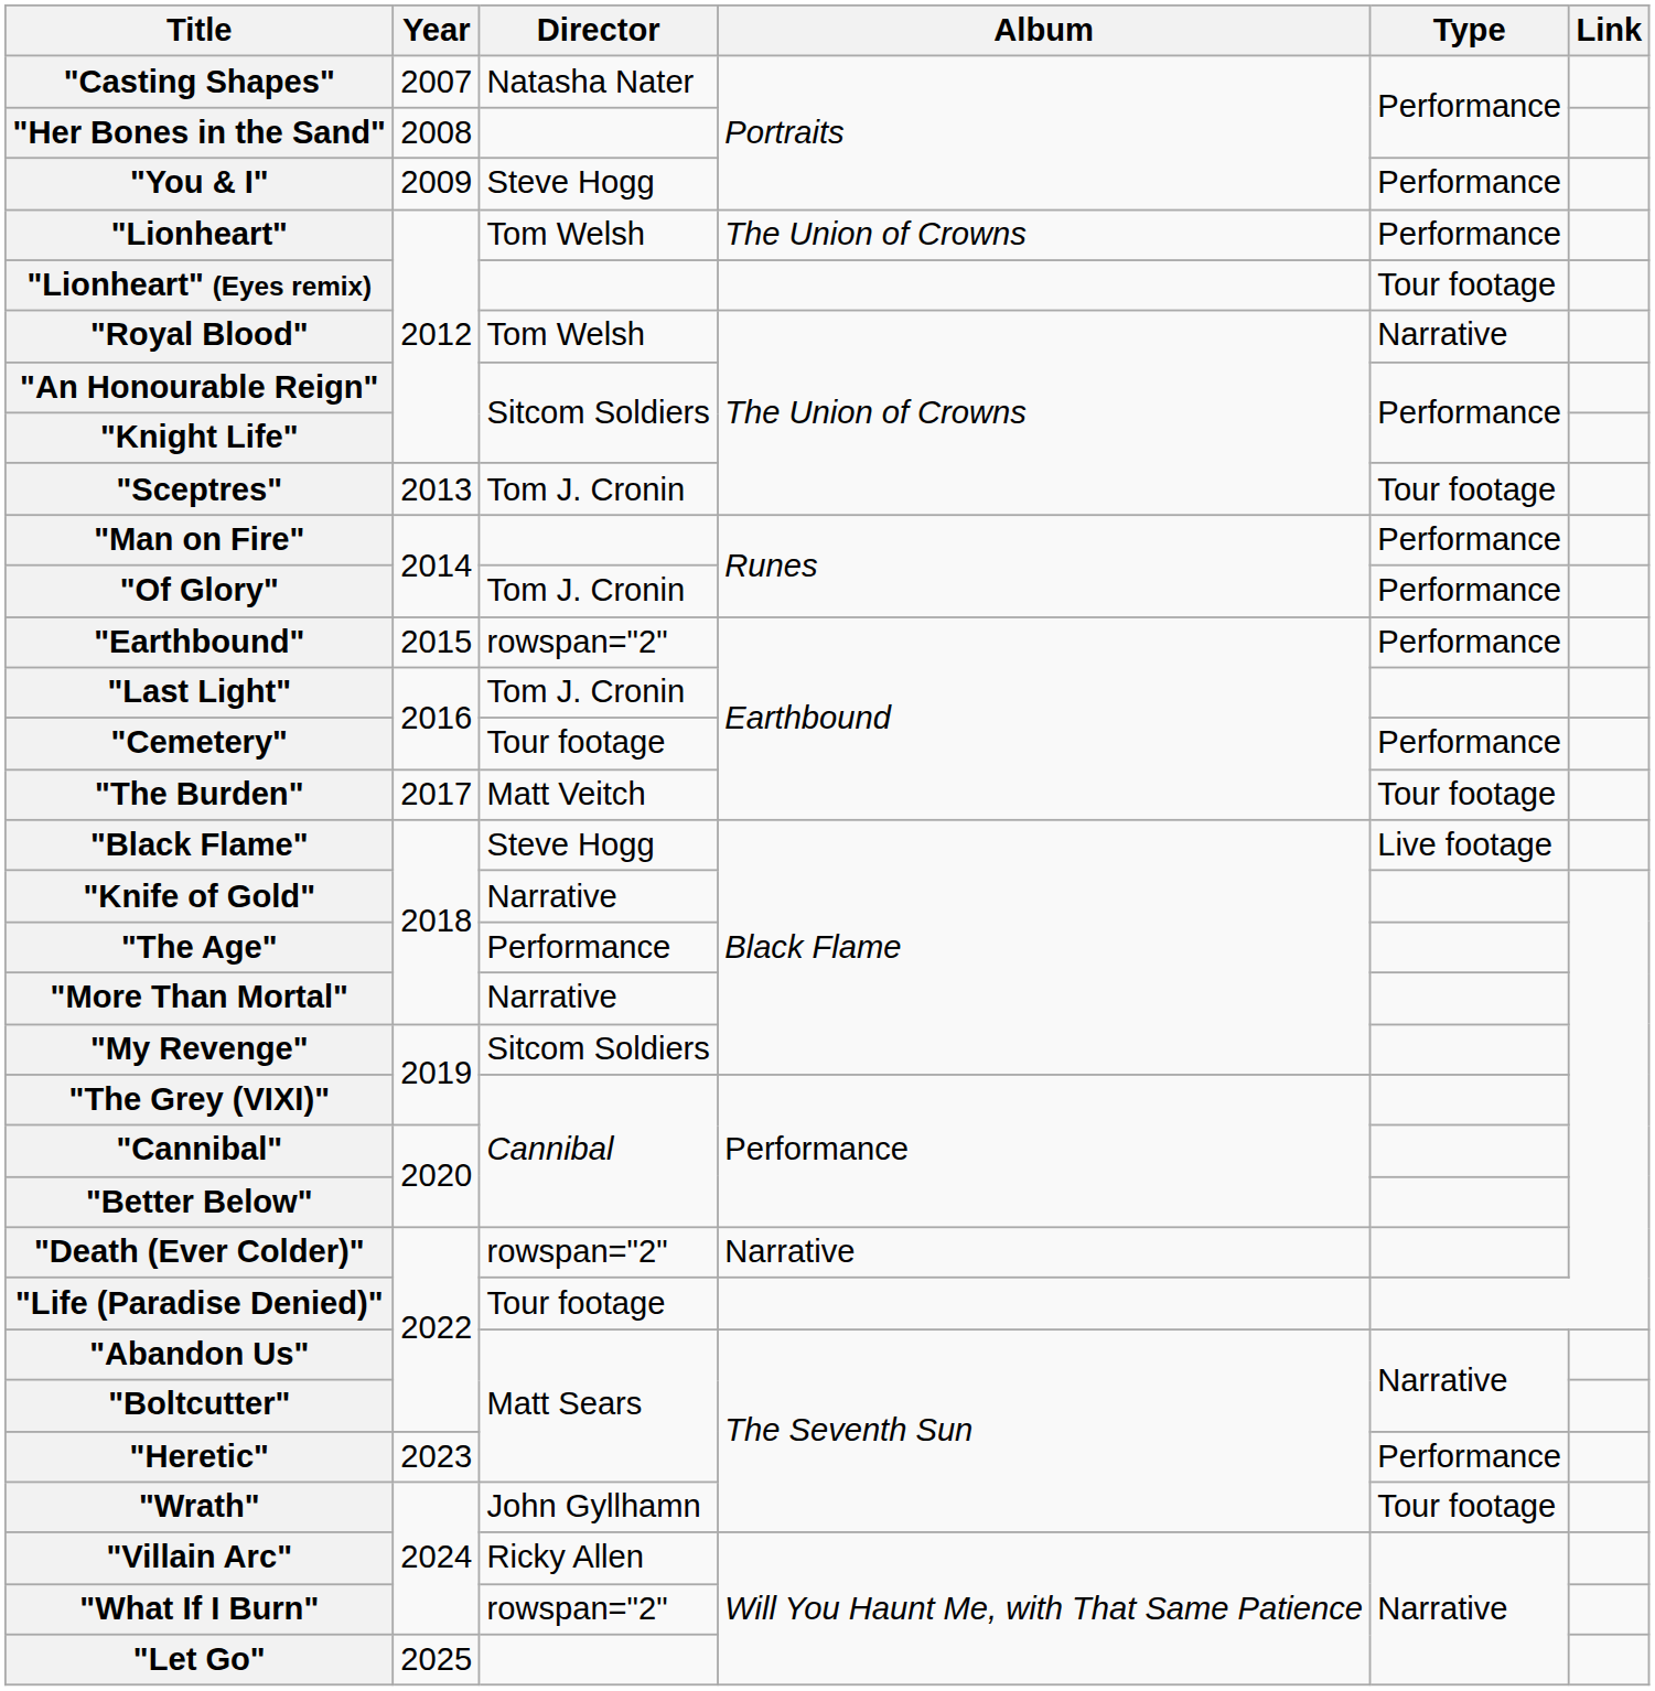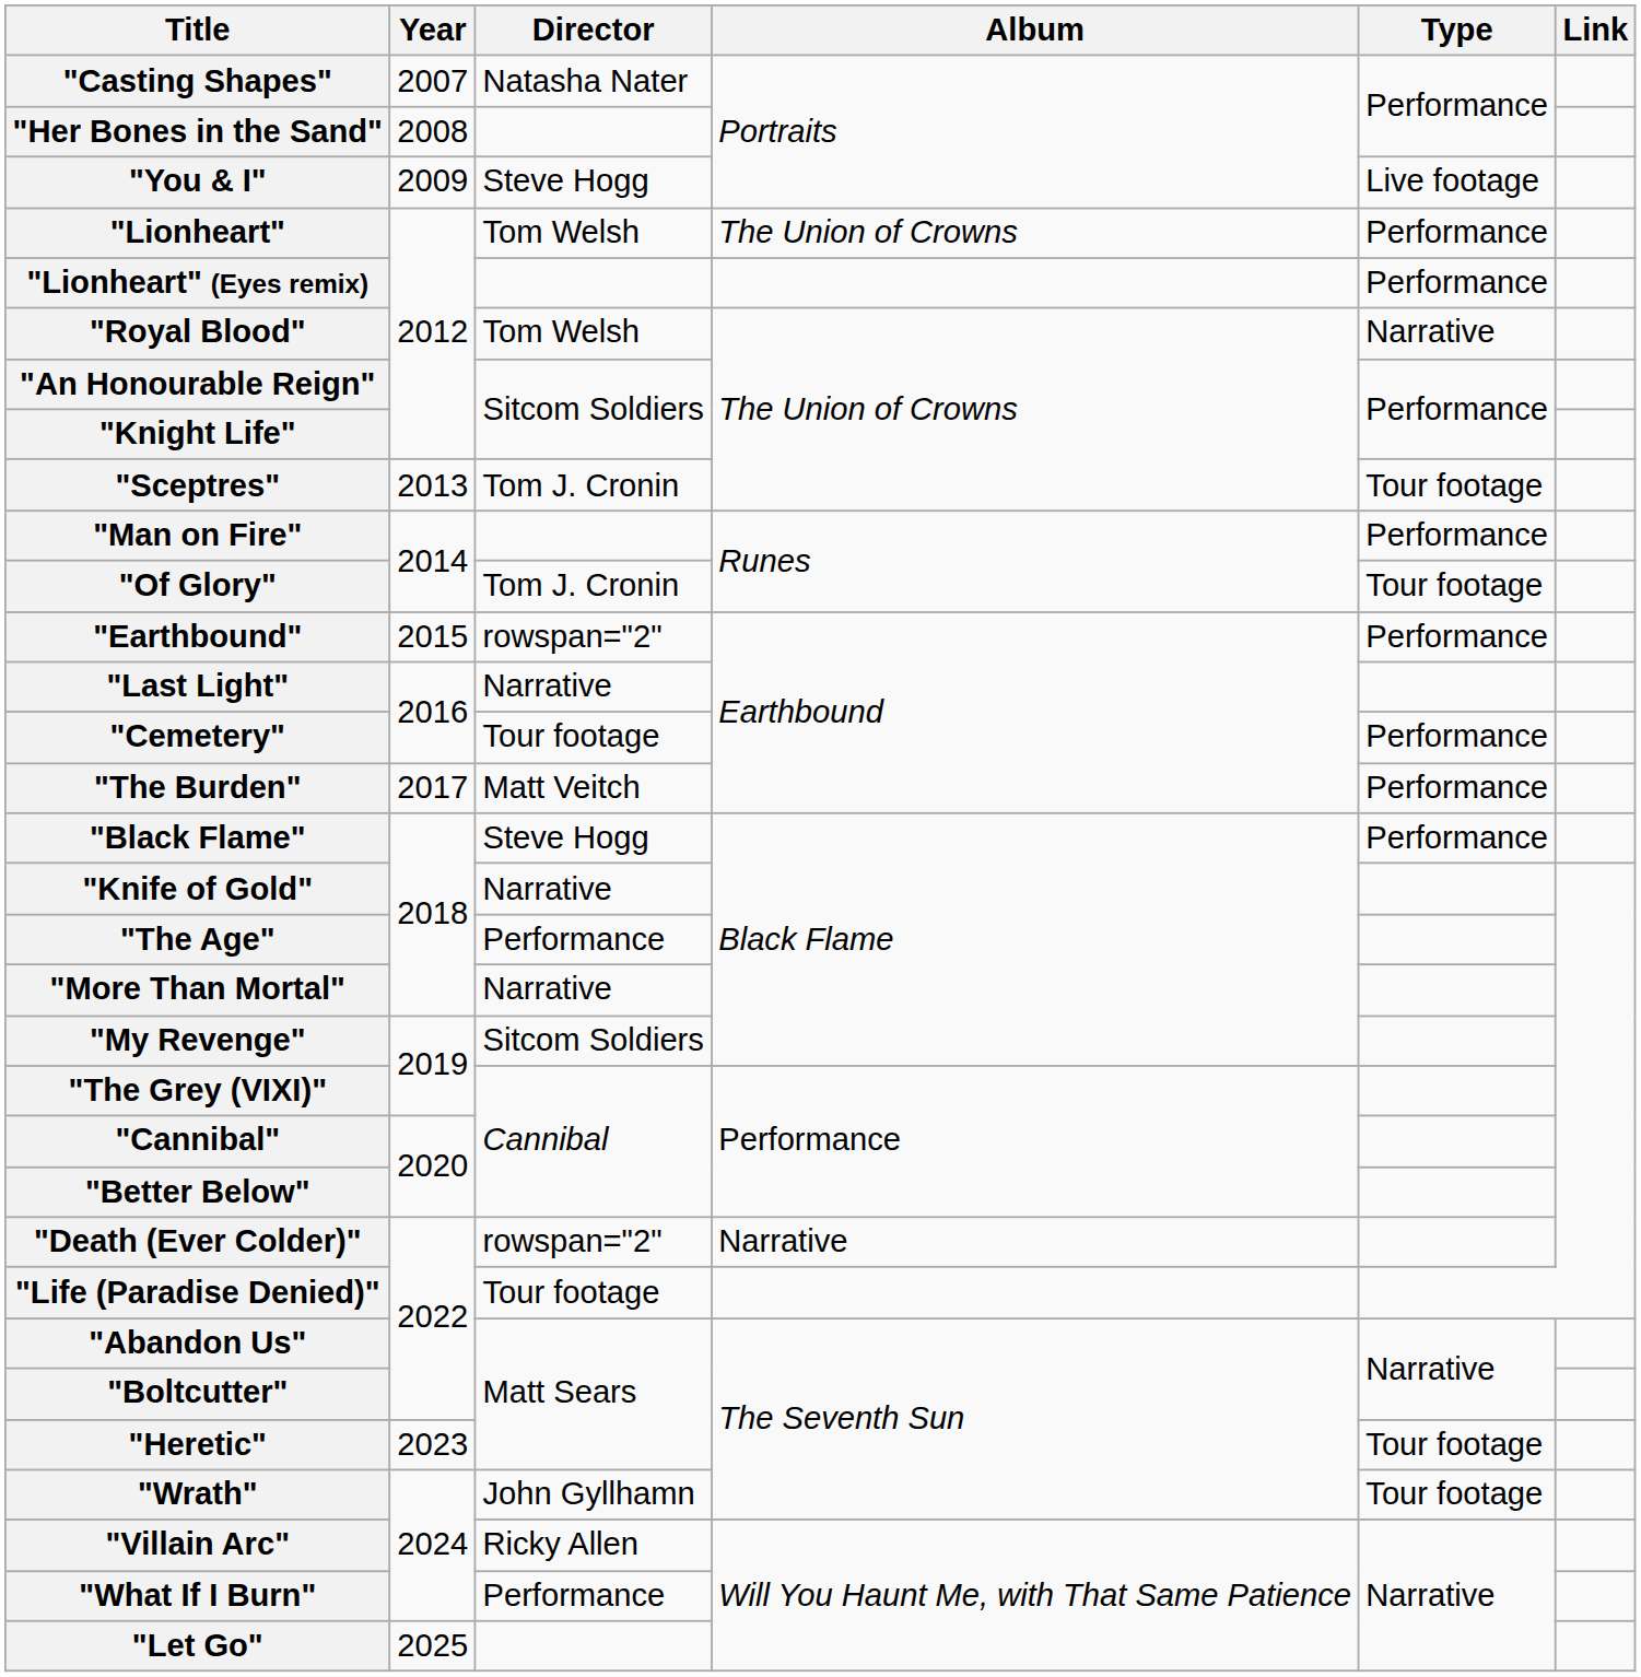 <table class="wikitable plainrowheaders">
 <tr>
 <th>Title</th>
 <th>Year</th>
 <th>Director</th>
 <th>Album</th>
 <th>Type</th>
 <th>Link</th>
 </tr>
 <tr>
 <th scope="row">"Casting Shapes"</th>
 <td>2007</td>
 <td>Natasha Nater</td>
 <td rowspan="3"><em>Portraits</em></td>
 <td rowspan="2">Performance</td>
 <td></td>
 </tr>
 <tr>
 <th scope="row">"Her Bones in the Sand"</th>
 <td>2008</td>
 <td></td>
 <td></td>
 </tr>
 <tr>
 <th scope="row">"You & I"</th>
 <td>2009</td>
 <td>Steve Hogg</td>
-<td>Performance</td>
+<td>Live footage</td>
 <td></td>
 </tr>
 <tr>
 <th scope="row">"Lionheart"</th>
 <td rowspan="5">2012</td>
 <td>Tom Welsh</td>
 <td><em>The Union of Crowns</em></td>
 <td>Performance</td>
 <td></td>
 </tr>
 <tr>
 <th scope="row">"Lionheart" <small>(Eyes remix)</small></th>
 <td></td>
 <td></td>
-<td>Tour footage</td>
+<td>Performance</td>
 <td></td>
 </tr>
 <tr>
 <th scope="row">"Royal Blood"</th>
 <td>Tom Welsh</td>
 <td rowspan="4"><em>The Union of Crowns</em></td>
 <td>Narrative</td>
 <td></td>
 </tr>
 <tr>
 <th scope="row">"An Honourable Reign"</th>
 <td rowspan="2">Sitcom Soldiers</td>
 <td rowspan="2">Performance</td>
 <td></td>
 </tr>
 <tr>
 <th scope="row">"Knight Life"</th>
 <td></td>
 </tr>
 <tr>
 <th scope="row">"Sceptres"</th>
 <td>2013</td>
 <td>Tom J. Cronin</td>
 <td>Tour footage</td>
 <td></td>
 </tr>
 <tr>
 <th scope="row">"Man on Fire"</th>
 <td rowspan="2">2014</td>
 <td></td>
 <td rowspan="2"><em>Runes</em></td>
 <td>Performance</td>
 <td></td>
 </tr>
 <tr>
 <th scope="row">"Of Glory"</th>
 <td>Tom J. Cronin</td>
-<td>Performance</td>
+<td>Tour footage</td>
 <td></td>
 </tr>
 <tr>
 <th scope="row">"Earthbound"</th>
 <td>2015</td>
 <td>rowspan="2" </td>
 <td rowspan="4"><em>Earthbound</em></td>
 <td>Performance</td>
 <td></td>
 </tr>
 <tr>
 <th scope="row">"Last Light"</th>
 <td rowspan="2">2016</td>
-<td>Tom J. Cronin</td>
+<td>Narrative</td>
 <td></td>
 </tr>
 <tr>
 <th scope="row">"Cemetery"</th>
 <td>Tour footage</td>
 <td>Performance</td>
 <td></td>
 </tr>
 <tr>
 <th scope="row">"The Burden"</th>
 <td>2017</td>
 <td>Matt Veitch</td>
-<td>Tour footage</td>
+<td>Performance</td>
 <td></td>
 </tr>
 <tr>
 <th scope="row">"Black Flame"</th>
 <td rowspan="4">2018</td>
 <td>Steve Hogg</td>
 <td rowspan="5"><em>Black Flame</em></td>
-<td>Live footage</td>
+<td>Performance</td>
 <td></td>
 </tr>
 <tr>
 <th scope="row">"Knife of Gold"</th>
 <td>Narrative</td>
 <td></td>
 </tr>
 <tr>
 <th scope="row">"The Age"</th>
 <td>Performance</td>
 <td></td>
 </tr>
 <tr>
 <th scope="row">"More Than Mortal"</th>
 <td>Narrative</td>
 <td></td>
 </tr>
 <tr>
 <th scope="row">"My Revenge"</th>
 <td rowspan="2">2019</td>
 <td>Sitcom Soldiers</td>
 <td></td>
 </tr>
 <tr>
 <th scope="row">"The Grey (VIXI)"</th>
 <td rowspan="3"><em>Cannibal</em></td>
 <td rowspan="3">Performance</td>
 <td></td>
 </tr>
 <tr>
 <th scope="row">"Cannibal"</th>
 <td rowspan="2">2020</td>
 <td></td>
 </tr>
 <tr>
 <th scope="row">"Better Below"</th>
 <td></td>
 </tr>
 <tr>
 <th scope="row">"Death (Ever Colder)"</th>
 <td rowspan="4">2022</td>
 <td>rowspan="2" </td>
 <td>Narrative</td>
 <td></td>
 </tr>
 <tr>
 <th scope="row">"Life (Paradise Denied)"</th>
 <td>Tour footage</td>
 <td></td>
 </tr>
 <tr>
 <th scope="row">"Abandon Us"</th>
 <td rowspan="3">Matt Sears</td>
 <td rowspan="4"><em>The Seventh Sun</em></td>
 <td rowspan="2">Narrative</td>
 <td></td>
 </tr>
 <tr>
 <th scope="row">"Boltcutter"</th>
 <td></td>
 </tr>
 <tr>
 <th scope="row">"Heretic"</th>
 <td>2023</td>
-<td>Performance</td>
+<td>Tour footage</td>
 <td></td>
 </tr>
 <tr>
 <th scope="row">"Wrath"</th>
 <td rowspan="3">2024</td>
 <td>John Gyllhamn</td>
 <td>Tour footage</td>
 <td></td>
 </tr>
 <tr>
 <th scope="row">"Villain Arc"</th>
 <td>Ricky Allen</td>
 <td rowspan="3"><em>Will You Haunt Me, with That Same Patience</em></td>
 <td rowspan="3">Narrative</td>
 <td></td>
 </tr>
 <tr>
 <th scope="row">"What If I Burn"</th>
-<td>rowspan="2" </td>
+<td>Performance</td>
 <td></td>
 </tr>
 <tr>
 <th scope="row">"Let Go"</th>
 <td>2025</td>
 <td></td>
 </tr>
 </table>
